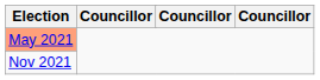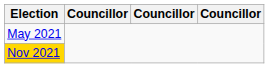 <table class="wikitable">
 <tr>
 <th>Election</th>
 <th colspan="2">Councillor</th>
 <th colspan="2">Councillor</th>
 <th colspan="2">Councillor</th>
 </tr>
 <tr>
-<td style="background: lightsalmon;"><a href='#'>May 2021</a><br>  </td>
+<td><a href='#'>May 2021</a><br>  </td>
 </tr>
 <tr>
-<td><a href='#'>Nov 2021</a><br>  </td>
+<td style="background: gold;"><a href='#'>Nov 2021</a><br>  </td>
 </tr>
 </table>
